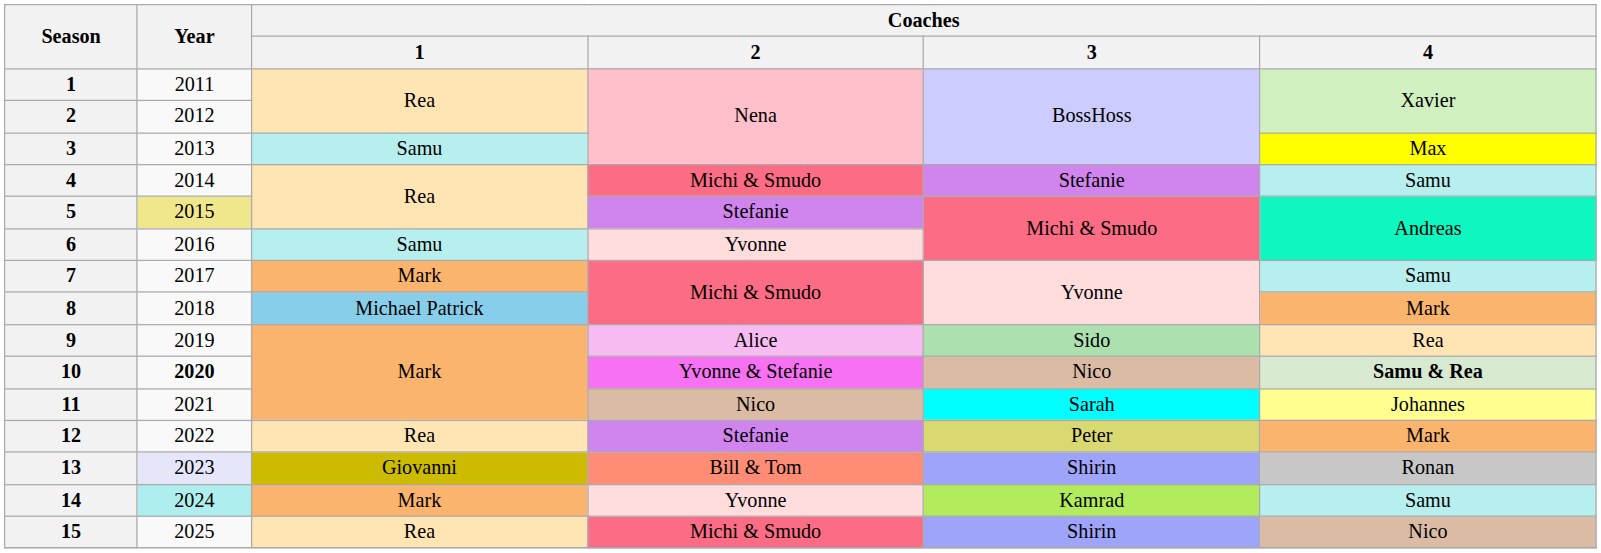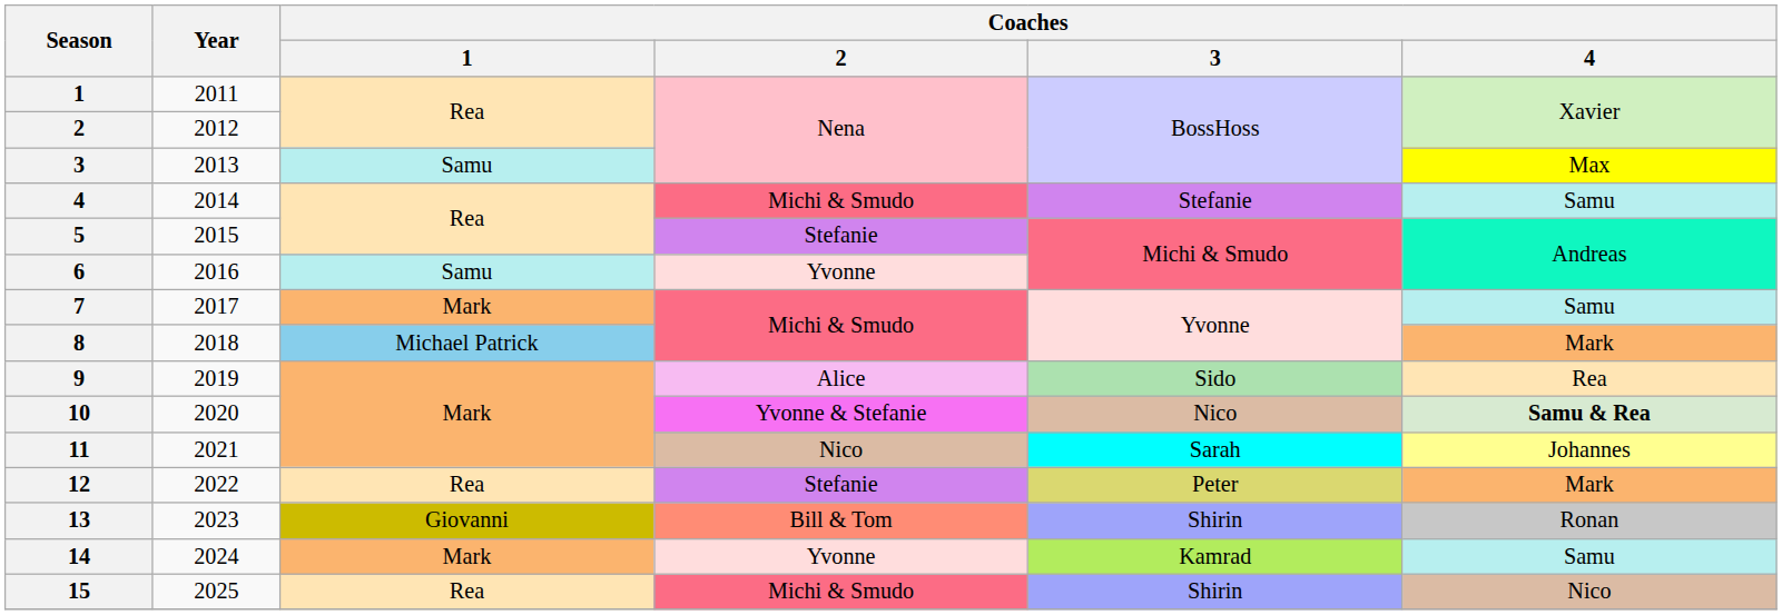 <table class="wikitable collapsible collapsed" style="text-align:center; width:100%">
 <tr>
 <th width="2%" rowspan="2">Season</th>
 <th width="2%" rowspan="2">Year</th>
 <th colspan="5">Coaches</th>
 </tr>
 <tr>
 <th width="7%">1</th>
 <th width="7%">2</th>
 <th width="7%">3</th>
 <th width="7%">4</th>
 </tr>
 <tr>
 <th>1</th>
 <td>2011</td>
 <td style="background:#ffe5b4" rowspan="2">Rea</td>
 <td style="background:pink" rowspan="3">Nena</td>
 <td style="background:#ccf" rowspan="3">BossHoss</td>
 <td style="background:#d0f0c0" rowspan="2">Xavier</td>
 </tr>
 <tr>
 <th>2</th>
 <td>2012</td>
 </tr>
 <tr>
 <th>3</th>
 <td>2013</td>
 <td style="background:#b7efef">Samu</td>
 <td style="background:yellow">Max</td>
 </tr>
 <tr>
 <th>4</th>
 <td>2014</td>
 <td style="background:#ffe5b4" rowspan="2">Rea</td>
 <td style="background:#FC6C85">Michi & Smudo</td>
 <td style="background:#d084ee">Stefanie</td>
 <td style="background:#b7efef">Samu</td>
 </tr>
 <tr>
 <th>5</th>
-<td style="background: khaki;">2015</td>
+<td>2015</td>
 <td style="background:#d084ee">Stefanie</td>
 <td style="background:#FC6C85" rowspan="2">Michi & Smudo</td>
 <td style="background:#0ff7c0" rowspan="2">Andreas</td>
 </tr>
 <tr>
 <th>6</th>
 <td>2016</td>
 <td style="background:#b7efef">Samu</td>
 <td style="background:#ffdddd">Yvonne</td>
 </tr>
 <tr>
 <th>7</th>
 <td>2017</td>
 <td style="background:#fbb46e">Mark</td>
 <td style="background:#FC6C85" rowspan="2">Michi & Smudo</td>
 <td style="background:#ffdddd" rowspan="2">Yvonne</td>
 <td style="background:#b7efef">Samu</td>
 </tr>
 <tr>
 <th>8</th>
 <td>2018</td>
 <td style="background:#87ceeb">Michael Patrick</td>
 <td style="background:#fbb46e">Mark</td>
 </tr>
 <tr>
 <th>9</th>
 <td>2019</td>
 <td style="background:#fbb46e" rowspan="3">Mark</td>
 <td style="background:#f7bbf2">Alice</td>
 <td style="background:#ace1af">Sido</td>
 <td style="background:#ffe5b4">Rea</td>
 </tr>
 <tr>
 <th>10</th>
-<td><strong>2020</strong></td>
+<td>2020</td>
 <td style="background:#f771f3">Yvonne & Stefanie</td>
 <td style="background:#dbbba4">Nico</td>
 <td style="background:#d7ead1"><strong>Samu & Rea</strong></td>
 </tr>
 <tr>
 <th>11</th>
 <td>2021</td>
 <td style="background:#dbbba4">Nico</td>
 <td style="background:#00ffff">Sarah</td>
 <td style="background:#ffff90">Johannes</td>
 </tr>
 <tr>
 <th>12</th>
 <td>2022</td>
 <td style="background:#ffe5b4">Rea</td>
 <td style="background:#d084ee">Stefanie</td>
 <td style="background:#DAD870">Peter</td>
 <td style="background:#fbb46e">Mark</td>
 </tr>
 <tr>
 <th>13</th>
-<td style="background: lavender;">2023</td>
+<td>2023</td>
 <td style="background:#CCBB00">Giovanni</td>
 <td style="background:#ff8c75">Bill & Tom</td>
 <td style="background:#9ea4fa">Shirin</td>
 <td style="background:#c7c7c7">Ronan</td>
 </tr>
 <tr>
 <th>14</th>
-<td style="background: paleturquoise;">2024</td>
+<td>2024</td>
 <td style="background:#fbb46e">Mark</td>
 <td style="background:#ffdddd">Yvonne</td>
 <td style="background:#B2EC5D">Kamrad</td>
 <td style="background:#b7efef">Samu</td>
 </tr>
 <tr>
 <th>15</th>
 <td>2025</td>
 <td style="background:#ffe5b4">Rea</td>
 <td style="background:#FC6C85">Michi & Smudo</td>
 <td style="background:#9ea4fa">Shirin</td>
 <td style="background:#dbbba4">Nico</td>
 </tr>
 <tr>
 </tr>
 </table>
